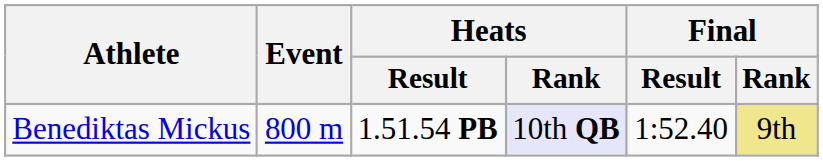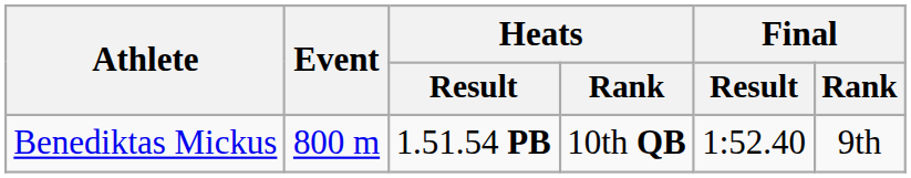 <table class="wikitable" style="font-size:90%">
 <tr>
 <th rowspan=2>Athlete</th>
 <th rowspan=2>Event</th>
 <th colspan=2>Heats</th>
 <th colspan=2>Final</th>
 </tr>
 <tr style="font-size:95%">
 <th>Result</th>
 <th>Rank</th>
 <th>Result</th>
 <th>Rank</th>
 </tr>
 <tr align=center>
 <td align=left><a href='#'>Benediktas Mickus</a></td>
 <td align=left><a href='#'>800 m</a></td>
 <td>1.51.54 <strong>PB</strong></td>
-<td style="background: lavender;">10th <strong>QB</strong></td>
+<td>10th <strong>QB</strong></td>
 <td>1:52.40</td>
-<td style="background: khaki;">9th</td>
+<td>9th</td>
 </tr>
 </table>
